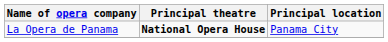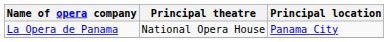 <table class="wikitable">
 <tr>
 <th>Name of <a href='#'>opera</a> company</th>
 <th>Principal theatre</th>
 <th>Principal location</th>
 </tr>
 <tr>
 <td><a href='#'>La Opera de Panama</a></td>
-<td><strong>National Opera House</strong></td>
+<td>National Opera House</td>
 <td><a href='#'>Panama City</a></td>
 </tr>
 <tr>
 </tr>
 </table>
